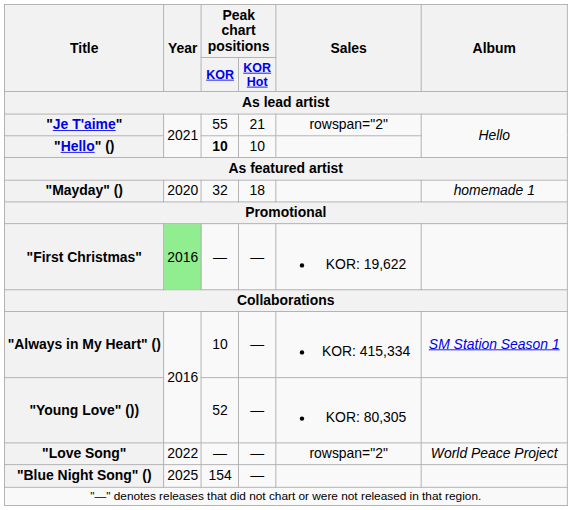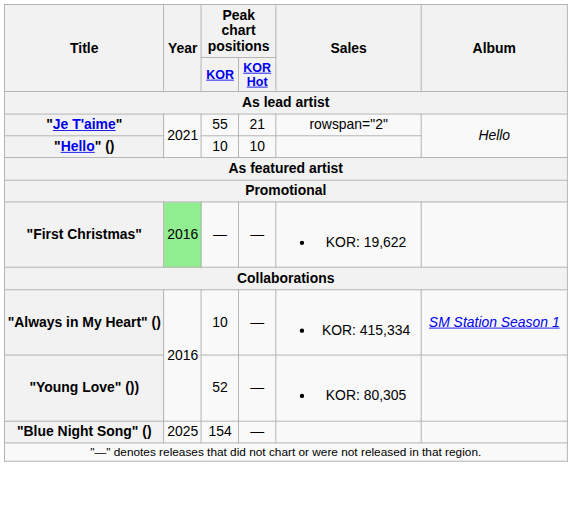 <table class="wikitable plainrowheaders" style="text-align:center">
 <tr>
 <th scope="col" rowspan="2">Title</th>
 <th scope="col" rowspan="2" style="width:1em">Year</th>
 <th scope="col" colspan="2">Peak chart<br>positions</th>
 <th scope="col" rowspan="2" style="width:10em">Sales</th>
 <th scope="col" rowspan="2" style="width:10em">Album</th>
 </tr>
 <tr>
 <th scope="col" style="font-size:90%; width:2.5em"><a href='#'>KOR</a><br></th>
 <th scope="col" style="font-size:90%; width:2.5em"><a href='#'>KOR<br>Hot</a><br></th>
 </tr>
 <tr>
 <th scope="col" colspan="6">As lead artist</th>
 </tr>
 <tr>
 <th scope="row">"<a href='#'>Je T'aime</a>"</th>
 <td rowspan="2">2021</td>
 <td>55</td>
 <td>21</td>
 <td>rowspan="2" </td>
 <td rowspan="2"><em>Hello</em></td>
 </tr>
 <tr>
 <th scope="row">"<a href='#'>Hello</a>" ()</th>
-<td><strong>10</strong></td>
+<td>10</td>
 <td>10</td>
 </tr>
 <tr>
 <th colspan="6">As featured artist</th>
-</tr>
-<tr>
-<th scope="row">"Mayday" ()<br></th>
-<td>2020</td>
-<td>32</td>
-<td>18</td>
-<td></td>
-<td><em>homemade 1</em></td>
 </tr>
 <tr>
 <th colspan="6">Promotional</th>
 </tr>
 <tr>
 <th scope="row">"First Christmas"<br></th>
 <td style="background: lightgreen;">2016</td>
 <td>—</td>
 <td>—</td>
 <td><br><ul><li>KOR: 19,622</li></ul></td>
 <td></td>
 </tr>
 <tr>
 <th colspan="6">Collaborations</th>
 </tr>
 <tr>
 <th scope="row">"Always in My Heart" ()<br></th>
 <td rowspan="2">2016</td>
 <td>10</td>
 <td>—</td>
 <td><br><ul><li>KOR: 415,334</li></ul></td>
 <td><em><a href='#'>SM Station Season 1</a></em></td>
 </tr>
 <tr>
 <th scope="row">"Young Love" ())<br></th>
 <td>52</td>
 <td>—</td>
 <td><br><ul><li>KOR: 80,305</li></ul></td>
 <td></td>
 </tr>
 <tr>
-<th scope="row">"Love Song"<br></th>
-<td>2022</td>
-<td>—</td>
-<td>—</td>
-<td>rowspan="2" </td>
-<td><em>World Peace Project</em></td>
-</tr>
-<tr>
 <th scope="row">"Blue Night Song" ()<br></th>
 <td>2025</td>
 <td>154</td>
 <td>—</td>
 <td></td>
 </tr>
 <tr>
 <td colspan="6" style="font-size:85%">"—" denotes releases that did not chart or were not released in that region.</td>
 </tr>
 </table>
